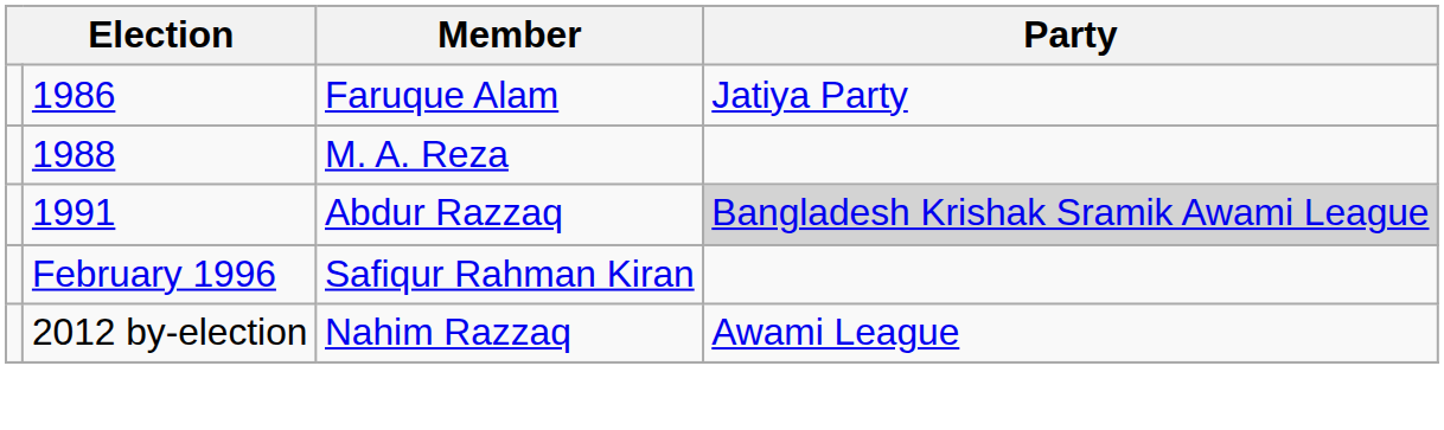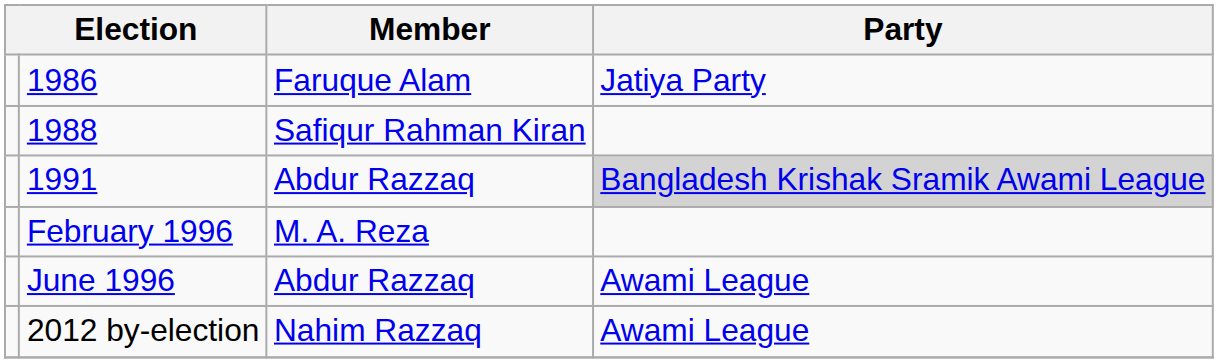 <table class="wikitable">
 <tr>
 <th colspan="2">Election</th>
 <th>Member</th>
 <th>Party</th>
 </tr>
 <tr>
 <td style="background-color:"></td>
 <td><a href='#'>1986</a></td>
 <td><a href='#'>Faruque Alam</a></td>
 <td><a href='#'>Jatiya Party</a></td>
 </tr>
 <tr>
 <td></td>
 <td><a href='#'>1988</a></td>
-<td><a href='#'>M. A. Reza</a></td>
+<td><a href='#'>Safiqur Rahman Kiran</a></td>
 <td></td>
 </tr>
 <tr>
 <td style="background-color:"></td>
 <td><a href='#'>1991</a></td>
 <td><a href='#'>Abdur Razzaq</a></td>
 <td style="background: lightgrey;"><a href='#'>Bangladesh Krishak Sramik Awami League</a></td>
 </tr>
 <tr>
 <td style="background-color:"></td>
 <td><a href='#'>February 1996</a></td>
-<td><a href='#'>Safiqur Rahman Kiran</a></td>
+<td><a href='#'>M. A. Reza</a></td>
 <td></td>
+</tr>
+<tr>
+<td style="background-color:"></td>
+<td><a href='#'>June 1996</a></td>
+<td><a href='#'>Abdur Razzaq</a></td>
+<td><a href='#'>Awami League</a></td>
 </tr>
 <tr>
 <td style="background-color:"></td>
 <td>2012 by-election</td>
 <td><a href='#'>Nahim Razzaq</a></td>
 <td><a href='#'>Awami League</a></td>
 </tr>
 <tr>
 </tr>
 </table>
